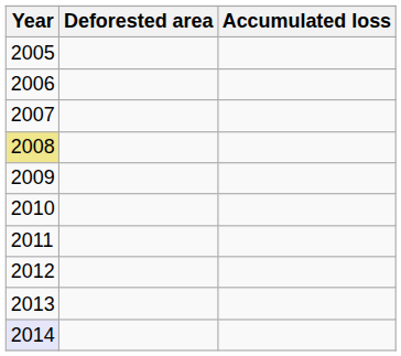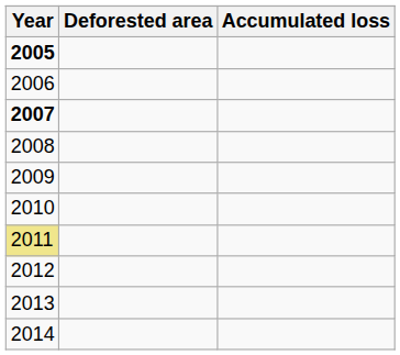 <table class="wikitable sortable" style="float:right">
 <tr>
 </tr>
 <tr>
 <th>Year</th>
 <th>Deforested area</th>
 <th>Accumulated loss</th>
 </tr>
 <tr>
-<td>2005</td>
+<td><strong>2005</strong></td>
 <td></td>
 <td><a href='#'></a></td>
 </tr>
 <tr>
 <td>2006</td>
 <td></td>
 <td></td>
 </tr>
 <tr>
-<td>2007</td>
+<td><strong>2007</strong></td>
 <td></td>
 <td></td>
 </tr>
 <tr>
-<td style="background: khaki;">2008</td>
+<td>2008</td>
 <td></td>
 <td></td>
 </tr>
 <tr>
 <td>2009</td>
 <td></td>
 <td></td>
 </tr>
 <tr>
 <td>2010</td>
 <td></td>
 <td></td>
 </tr>
 <tr>
-<td>2011</td>
+<td style="background: khaki;">2011</td>
 <td></td>
 <td></td>
 </tr>
 <tr>
 <td>2012</td>
 <td></td>
 <td></td>
 </tr>
 <tr>
 <td>2013</td>
 <td></td>
 <td></td>
 </tr>
 <tr>
-<td style="background: lavender;">2014</td>
+<td>2014</td>
 <td></td>
 <td></td>
 </tr>
 </table>
